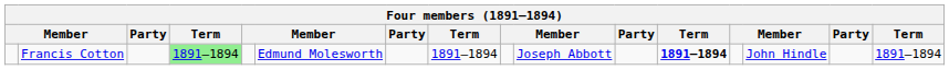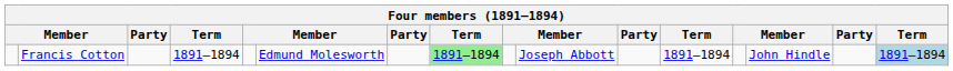 <table class="wikitable">
 <tr>
 <th colspan="16">Four members (1891–1894)</th>
 </tr>
 <tr>
 <th colspan="2">Member</th>
 <th>Party</th>
 <th>Term</th>
 <th colspan="2">Member</th>
 <th>Party</th>
 <th>Term</th>
 <th colspan="2">Member</th>
 <th>Party</th>
 <th>Term</th>
 <th colspan="2">Member</th>
 <th>Party</th>
 <th>Term</th>
 </tr>
 <tr>
 <td> </td>
 <td><a href='#'>Francis Cotton</a></td>
 <td></td>
-<td style="background: lightgreen;"><a href='#'>1891</a>–1894</td>
+<td><a href='#'>1891</a>–1894</td>
 <td> </td>
 <td><a href='#'>Edmund Molesworth</a></td>
 <td></td>
-<td><a href='#'>1891</a>–1894</td>
+<td style="background: lightgreen;"><a href='#'>1891</a>–1894</td>
 <td> </td>
 <td><a href='#'>Joseph Abbott</a></td>
 <td></td>
-<td><strong><a href='#'>1891</a>–1894</strong></td>
+<td><a href='#'>1891</a>–1894</td>
 <td> </td>
 <td><a href='#'>John Hindle</a></td>
 <td></td>
-<td><a href='#'>1891</a>–1894</td>
+<td style="background: lightblue;"><a href='#'>1891</a>–1894</td>
 </tr>
 </table>
